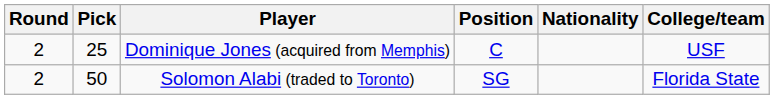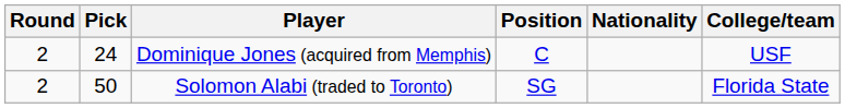 <table class="wikitable sortable sortable">
 <tr>
 <th>Round</th>
 <th>Pick</th>
 <th>Player</th>
 <th>Position</th>
 <th>Nationality</th>
 <th>College/team</th>
 </tr>
 <tr style="text-align: center">
 <td>2</td>
-<td>25</td>
+<td>24</td>
 <td><a href='#'>Dominique Jones</a><small> (acquired from <a href='#'>Memphis</a>)</small></td>
 <td><a href='#'>C</a></td>
 <td></td>
 <td><a href='#'>USF</a></td>
 </tr>
 <tr style="text-align: center">
 <td>2</td>
 <td>50</td>
 <td><a href='#'>Solomon Alabi</a><small> (traded to <a href='#'>Toronto</a>)</small></td>
 <td><a href='#'>SG</a></td>
 <td></td>
 <td><a href='#'>Florida State</a></td>
 </tr>
 </table>
